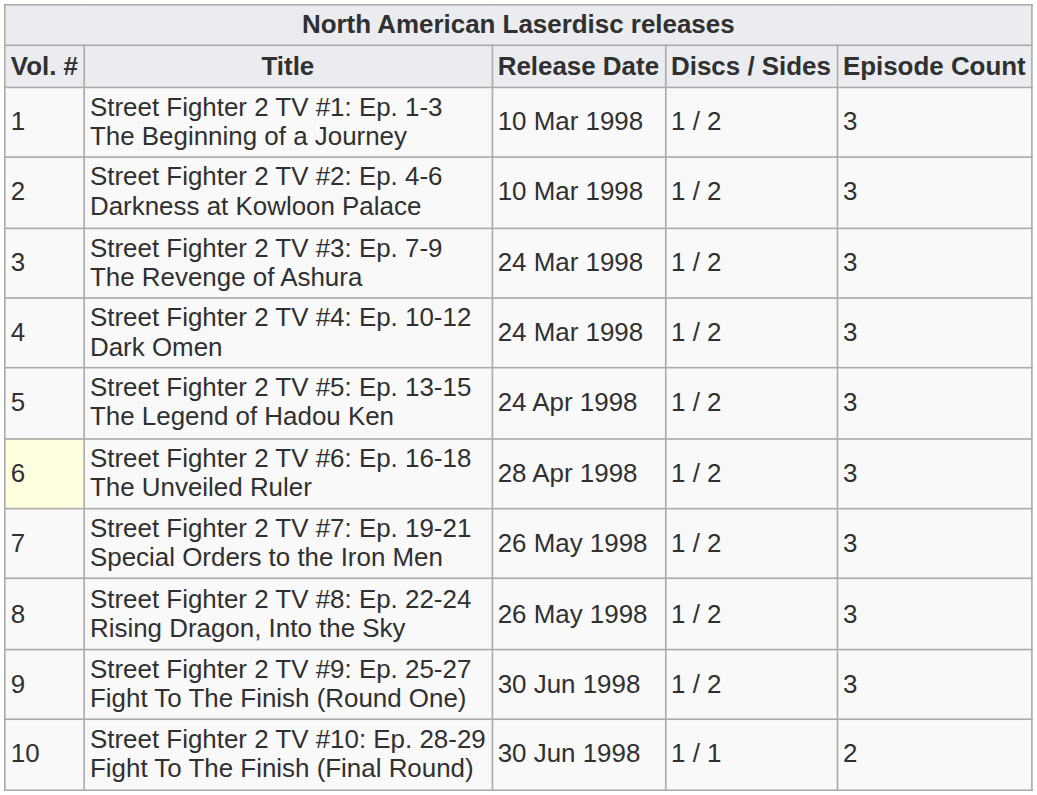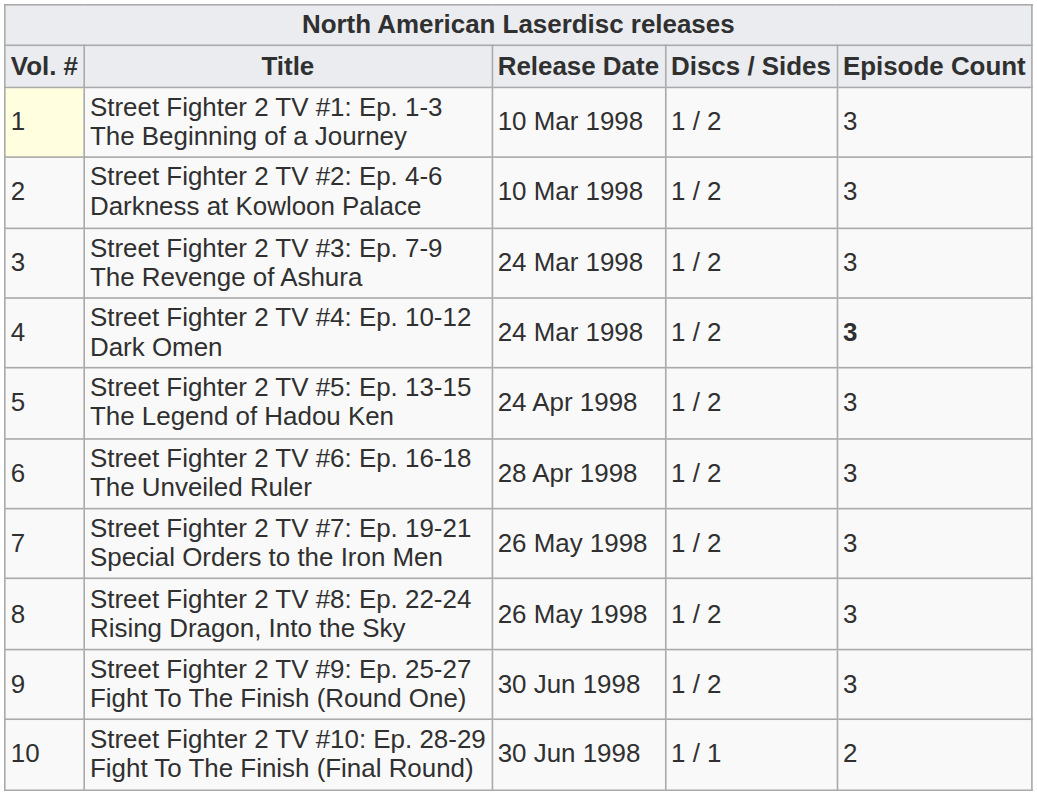 <table class="wikitable" style="vertical-align:middle; color:#303030;">
 <tr style="font-weight:bold; text-align:center;">
 <th colspan="5" style="background-color:#eaecf0;">North American Laserdisc releases</th>
 </tr>
 <tr style="font-weight:bold; text-align:center; background-color:#eaecf0;">
 <td>Vol. #</td>
 <td>Title</td>
 <td>Release Date</td>
 <td>Discs / Sides</td>
 <td>Episode Count</td>
 </tr>
 <tr>
-<td style="vertical-align:middle;">1</td>
+<td style="background: lightyellow; vertical-align:middle;">1</td>
 <td style="color:#303030;">Street Fighter 2 TV #1: Ep. 1-3<br>The Beginning of a Journey</td>
 <td style="vertical-align:middle; color:#303030;">10 Mar 1998</td>
 <td style="vertical-align:middle;">1 / 2</td>
 <td style="vertical-align:middle;">3</td>
 </tr>
 <tr>
 <td style="vertical-align:middle;">2</td>
 <td>Street Fighter 2 TV #2: Ep. 4-6<br>Darkness at Kowloon Palace</td>
 <td style="vertical-align:middle;">10 Mar 1998</td>
 <td style="vertical-align:middle;">1 / 2</td>
 <td style="vertical-align:middle;">3</td>
 </tr>
 <tr>
 <td style="vertical-align:middle;">3</td>
 <td>Street Fighter 2 TV #3: Ep. 7-9<br>The Revenge of Ashura</td>
 <td style="vertical-align:middle;">24 Mar 1998</td>
 <td style="vertical-align:middle;">1 / 2</td>
 <td style="vertical-align:middle;">3</td>
 </tr>
 <tr>
 <td style="vertical-align:middle;">4</td>
 <td>Street Fighter 2 TV #4: Ep. 10-12<br>Dark Omen</td>
 <td style="vertical-align:middle;">24 Mar 1998</td>
 <td style="vertical-align:middle;">1 / 2</td>
-<td style="vertical-align:middle;">3</td>
+<td style="vertical-align:middle;"><strong>3</strong></td>
 </tr>
 <tr>
 <td style="vertical-align:middle;">5</td>
 <td>Street Fighter 2 TV #5: Ep. 13-15<br>The Legend of Hadou Ken</td>
 <td style="vertical-align:middle;">24 Apr 1998</td>
 <td style="vertical-align:middle;">1 / 2</td>
 <td style="vertical-align:middle;">3</td>
 </tr>
 <tr>
-<td style="background: lightyellow; vertical-align:middle;">6</td>
+<td style="vertical-align:middle;">6</td>
 <td>Street Fighter 2 TV #6: Ep. 16-18<br>The Unveiled Ruler</td>
 <td style="vertical-align:middle;">28 Apr 1998</td>
 <td style="vertical-align:middle;">1 / 2</td>
 <td style="vertical-align:middle;">3</td>
 </tr>
 <tr>
 <td style="vertical-align:middle;">7</td>
 <td>Street Fighter 2 TV #7: Ep. 19-21<br>Special Orders to the Iron Men</td>
 <td style="vertical-align:middle;">26 May 1998</td>
 <td style="vertical-align:middle;">1 / 2</td>
 <td style="vertical-align:middle;">3</td>
 </tr>
 <tr>
 <td style="vertical-align:middle;">8</td>
 <td>Street Fighter 2 TV #8: Ep. 22-24<br>Rising Dragon, Into the Sky</td>
 <td style="vertical-align:middle;">26 May 1998</td>
 <td style="vertical-align:middle;">1 / 2</td>
 <td style="vertical-align:middle;">3</td>
 </tr>
 <tr>
 <td style="vertical-align:middle;">9</td>
 <td>Street Fighter 2 TV #9: Ep. 25-27<br>Fight To The Finish (Round One)</td>
 <td style="vertical-align:middle;">30 Jun 1998</td>
 <td style="vertical-align:middle;">1 / 2</td>
 <td style="vertical-align:middle;">3</td>
 </tr>
 <tr>
 <td style="vertical-align:middle;">10</td>
 <td>Street Fighter 2 TV #10: Ep. 28-29<br>Fight To The Finish (Final Round)</td>
 <td style="vertical-align:middle;">30 Jun 1998</td>
 <td style="vertical-align:middle;">1 / 1</td>
 <td style="vertical-align:middle;">2</td>
 </tr>
 <tr>
 </tr>
 </table>
